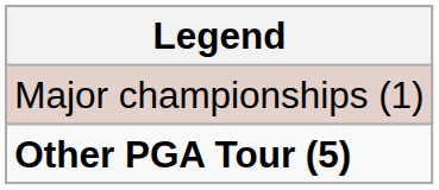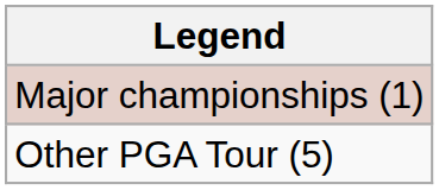 <table class="wikitable" style="font-size:95%;">
 <tr>
 <th>Legend</th>
 </tr>
 <tr style="background:#e5d1cb;">
 <td>Major championships (1)</td>
 </tr>
 <tr>
-<td><strong>Other PGA Tour (5)</strong></td>
+<td>Other PGA Tour (5)</td>
 </tr>
 </table>
